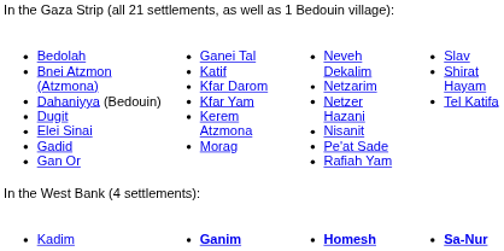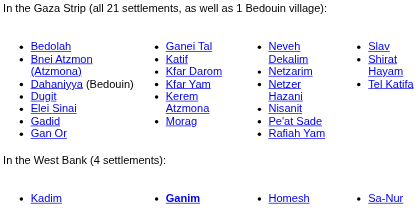 <table margin="0">
 <tr>
 <td colspan="3">In the Gaza Strip (all 21 settlements, as well as 1 Bedouin village):</td>
 </tr>
 <tr valign="top">
 <td><br><ul><li><a href='#'>Bedolah</a></li><li><a href='#'>Bnei Atzmon (Atzmona)</a></li><li><a href='#'>Dahaniyya</a> (Bedouin)</li><li><a href='#'>Dugit</a></li><li><a href='#'>Elei Sinai</a></li><li><a href='#'>Gadid</a></li><li><a href='#'>Gan Or</a></li></ul></td>
 <td><br><ul><li><a href='#'>Ganei Tal</a></li><li><a href='#'>Katif</a></li><li><a href='#'>Kfar Darom</a></li><li><a href='#'>Kfar Yam</a></li><li><a href='#'>Kerem Atzmona</a></li><li><a href='#'>Morag</a></li></ul></td>
 <td><br><ul><li><a href='#'>Neveh Dekalim</a></li><li><a href='#'>Netzarim</a></li><li><a href='#'>Netzer Hazani</a></li><li><a href='#'>Nisanit</a></li><li><a href='#'>Pe'at Sade</a></li><li><a href='#'>Rafiah Yam</a></li></ul></td>
 <td><br><ul><li><a href='#'>Slav</a></li><li><a href='#'>Shirat Hayam</a></li><li><a href='#'>Tel Katifa</a></li></ul></td>
 </tr>
 <tr>
 <td colspan="3">In the West Bank (4 settlements):</td>
 </tr>
 <tr valign="top">
 <td><br><ul><li><a href='#'>Kadim</a></li></ul></td>
 <td><strong><br><ul><li><a href='#'>Ganim</a></li></ul></strong></td>
-<td><strong><br><ul><li><a href='#'>Homesh</a></li></ul></strong></td>
-<td><strong><br><ul><li><a href='#'>Sa-Nur</a></li></ul></strong></td>
+<td><br><ul><li><a href='#'>Homesh</a></li></ul></td>
+<td><br><ul><li><a href='#'>Sa-Nur</a></li></ul></td>
 </tr>
 </table>
